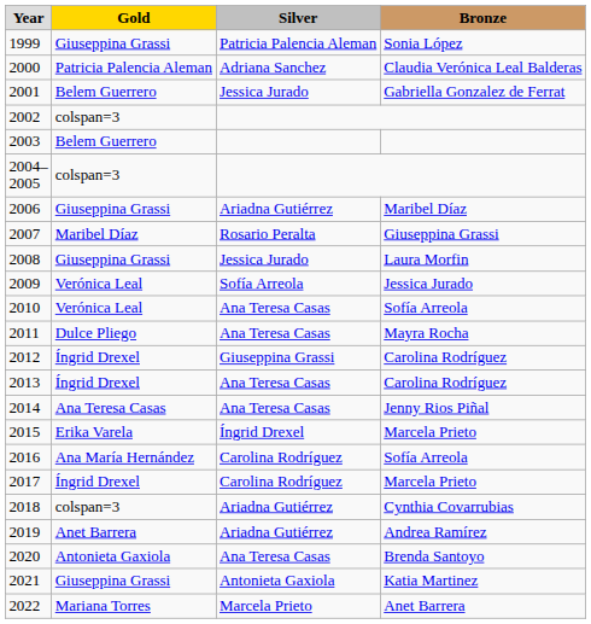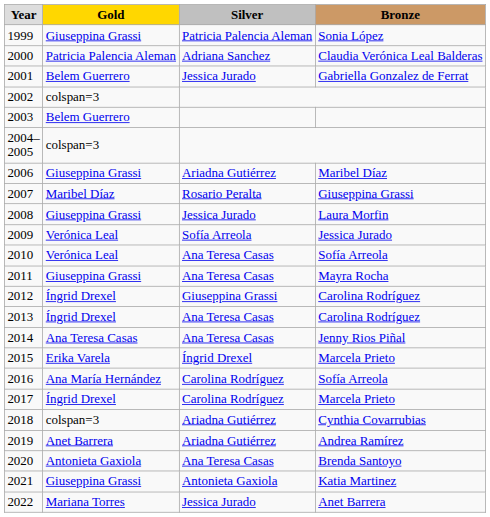 <table class="wikitable" style="text-align:left;">
 <tr>
 <td style="background:#DDDDDD; font-weight:bold; text-align:center;">Year</td>
 <td style="background:gold; font-weight:bold; text-align:center;">Gold</td>
 <td style="background:silver; font-weight:bold; text-align:center;">Silver</td>
 <td style="background:#cc9966; font-weight:bold; text-align:center;">Bronze</td>
 </tr>
 <tr>
 <td>1999</td>
 <td><a href='#'>Giuseppina Grassi</a></td>
 <td><a href='#'>Patricia Palencia Aleman</a></td>
 <td><a href='#'>Sonia López</a></td>
 </tr>
 <tr>
 <td>2000</td>
 <td><a href='#'>Patricia Palencia Aleman</a></td>
 <td><a href='#'>Adriana Sanchez</a></td>
 <td><a href='#'>Claudia Verónica Leal Balderas</a></td>
 </tr>
 <tr>
 <td>2001</td>
 <td><a href='#'>Belem Guerrero</a></td>
 <td><a href='#'>Jessica Jurado</a></td>
 <td><a href='#'>Gabriella Gonzalez de Ferrat</a></td>
 </tr>
 <tr>
 <td>2002</td>
 <td>colspan=3 </td>
 </tr>
 <tr>
 <td>2003</td>
 <td><a href='#'>Belem Guerrero</a></td>
 <td></td>
 <td></td>
 </tr>
 <tr>
 <td>2004–<br>2005</td>
 <td>colspan=3 </td>
 </tr>
 <tr>
 <td>2006</td>
 <td><a href='#'>Giuseppina Grassi</a></td>
 <td><a href='#'>Ariadna Gutiérrez</a></td>
 <td><a href='#'>Maribel Díaz</a></td>
 </tr>
 <tr>
 <td>2007</td>
 <td><a href='#'>Maribel Díaz</a></td>
 <td><a href='#'>Rosario Peralta</a></td>
 <td><a href='#'>Giuseppina Grassi</a></td>
 </tr>
 <tr>
 <td>2008</td>
 <td><a href='#'>Giuseppina Grassi</a></td>
 <td><a href='#'>Jessica Jurado</a></td>
 <td><a href='#'>Laura Morfin</a></td>
 </tr>
 <tr>
 <td>2009</td>
 <td><a href='#'>Verónica Leal</a></td>
 <td><a href='#'>Sofía Arreola</a></td>
 <td><a href='#'>Jessica Jurado</a></td>
 </tr>
 <tr>
 <td>2010</td>
 <td><a href='#'>Verónica Leal</a></td>
 <td><a href='#'>Ana Teresa Casas</a></td>
 <td><a href='#'>Sofía Arreola</a></td>
 </tr>
 <tr>
 <td>2011</td>
-<td><a href='#'>Dulce Pliego</a></td>
+<td><a href='#'>Giuseppina Grassi</a></td>
 <td><a href='#'>Ana Teresa Casas</a></td>
 <td><a href='#'>Mayra Rocha</a></td>
 </tr>
 <tr>
 <td>2012</td>
 <td><a href='#'>Íngrid Drexel</a></td>
 <td><a href='#'>Giuseppina Grassi</a></td>
 <td><a href='#'>Carolina Rodríguez</a></td>
 </tr>
 <tr>
 <td>2013</td>
 <td><a href='#'>Íngrid Drexel</a></td>
 <td><a href='#'>Ana Teresa Casas</a></td>
 <td><a href='#'>Carolina Rodríguez</a></td>
 </tr>
 <tr>
 <td>2014</td>
 <td><a href='#'>Ana Teresa Casas</a></td>
 <td><a href='#'>Ana Teresa Casas</a></td>
 <td><a href='#'>Jenny Rios Piñal</a></td>
 </tr>
 <tr>
 <td>2015</td>
 <td><a href='#'>Erika Varela</a></td>
 <td><a href='#'>Íngrid Drexel</a></td>
 <td><a href='#'>Marcela Prieto</a></td>
 </tr>
 <tr>
 <td>2016</td>
 <td><a href='#'>Ana María Hernández</a></td>
 <td><a href='#'>Carolina Rodríguez</a></td>
 <td><a href='#'>Sofía Arreola</a></td>
 </tr>
 <tr>
 <td>2017</td>
 <td><a href='#'>Íngrid Drexel</a></td>
 <td><a href='#'>Carolina Rodríguez</a></td>
 <td><a href='#'>Marcela Prieto</a></td>
 </tr>
 <tr>
 <td>2018</td>
 <td>colspan=3 </td>
 <td><a href='#'>Ariadna Gutiérrez</a></td>
 <td><a href='#'>Cynthia Covarrubias</a></td>
 </tr>
 <tr>
 <td>2019</td>
 <td><a href='#'>Anet Barrera</a></td>
 <td><a href='#'>Ariadna Gutiérrez</a></td>
 <td><a href='#'>Andrea Ramírez</a></td>
 </tr>
 <tr>
 <td>2020</td>
 <td><a href='#'>Antonieta Gaxiola</a></td>
 <td><a href='#'>Ana Teresa Casas</a></td>
 <td><a href='#'>Brenda Santoyo</a></td>
 </tr>
 <tr>
 <td>2021</td>
 <td><a href='#'>Giuseppina Grassi</a></td>
 <td><a href='#'>Antonieta Gaxiola</a></td>
 <td><a href='#'>Katia Martinez</a></td>
 </tr>
 <tr>
 <td>2022</td>
 <td><a href='#'>Mariana Torres</a></td>
-<td><a href='#'>Marcela Prieto</a></td>
+<td><a href='#'>Jessica Jurado</a></td>
 <td><a href='#'>Anet Barrera</a></td>
 </tr>
 </table>
